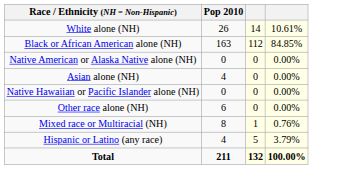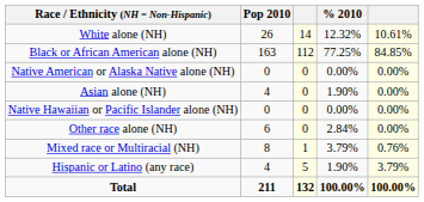 <table class="wikitable" style="text-align:center;">
 <tr>
 <th>Race / Ethnicity <small>(<em>NH = Non-Hispanic</em>)</small></th>
 <th>Pop 2010</th>
 <th></th>
+<th>% 2010</th>
 <th></th>
 </tr>
 <tr>
 <td><a href='#'>White</a> alone (NH)</td>
 <td>26</td>
 <td style='background: #ffffe6;'>14</td>
+<td>12.32%</td>
 <td style='background: #ffffe6;'>10.61%</td>
 </tr>
 <tr>
 <td><a href='#'>Black or African American</a> alone (NH)</td>
 <td>163</td>
 <td style='background: #ffffe6;'>112</td>
+<td>77.25%</td>
 <td style='background: #ffffe6;'>84.85%</td>
 </tr>
 <tr>
 <td><a href='#'>Native American</a> or <a href='#'>Alaska Native</a> alone (NH)</td>
 <td>0</td>
 <td style='background: #ffffe6;'>0</td>
+<td>0.00%</td>
 <td style='background: #ffffe6;'>0.00%</td>
 </tr>
 <tr>
 <td><a href='#'>Asian</a> alone (NH)</td>
 <td>4</td>
 <td style='background: #ffffe6;'>0</td>
+<td>1.90%</td>
 <td style='background: #ffffe6;'>0.00%</td>
 </tr>
 <tr>
 <td><a href='#'>Native Hawaiian</a> or <a href='#'>Pacific Islander</a> alone (NH)</td>
 <td>0</td>
 <td style='background: #ffffe6;'>0</td>
+<td>0.00%</td>
 <td style='background: #ffffe6;'>0.00%</td>
 </tr>
 <tr>
 <td><a href='#'>Other race</a> alone (NH)</td>
 <td>6</td>
 <td style='background: #ffffe6;'>0</td>
+<td>2.84%</td>
 <td style='background: #ffffe6;'>0.00%</td>
 </tr>
 <tr>
 <td><a href='#'>Mixed race or Multiracial</a> (NH)</td>
 <td>8</td>
 <td style='background: #ffffe6;'>1</td>
+<td>3.79%</td>
 <td style='background: #ffffe6;'>0.76%</td>
 </tr>
 <tr>
 <td><a href='#'>Hispanic or Latino</a> (any race)</td>
 <td>4</td>
 <td style='background: #ffffe6;'>5</td>
+<td>1.90%</td>
 <td style='background: #ffffe6;'>3.79%</td>
 </tr>
 <tr>
 <td><strong>Total</strong></td>
 <td><strong>211</strong></td>
 <td style='background: #ffffe6;'><strong>132</strong></td>
+<td><strong>100.00%</strong></td>
 <td style='background: #ffffe6;'><strong>100.00%</strong></td>
 </tr>
 </table>
